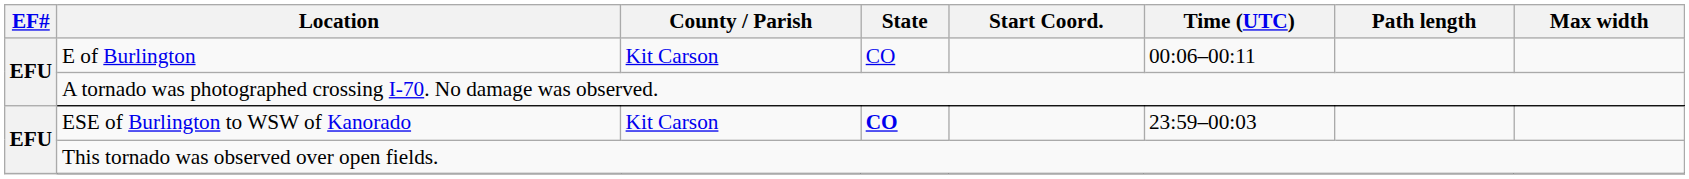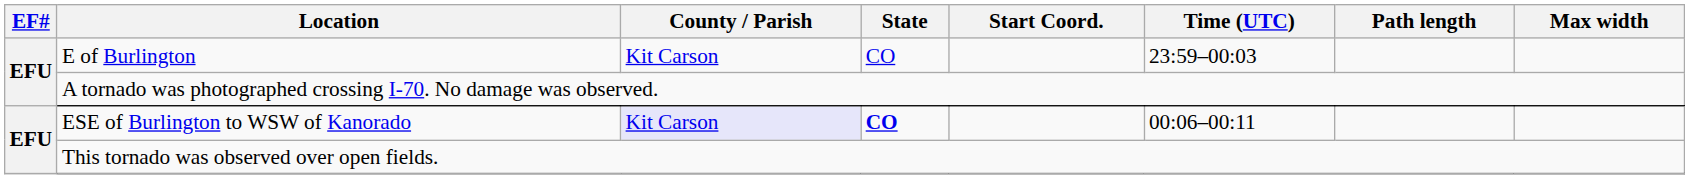 <table class="wikitable sortable" style="width:100%;">
 <tr>
 <th scope="col" width="2%" align="center"><a href='#'>EF#</a></th>
 <th scope="col" align="center" class="unsortable">Location</th>
 <th scope="col" align="center" class="unsortable">County / Parish</th>
 <th scope="col" align="center">State</th>
 <th scope="col" align="center">Start Coord.</th>
 <th scope="col" align="center">Time (<a href='#'>UTC</a>)</th>
 <th scope="col" align="center">Path length</th>
 <th scope="col" align="center">Max width</th>
 </tr>
 <tr>
 <th scope="row" rowspan="2" style="background-color:#">EFU</th>
 <td>E of <a href='#'>Burlington</a></td>
 <td><a href='#'>Kit Carson</a></td>
 <td><a href='#'>CO</a></td>
 <td></td>
-<td>00:06–00:11</td>
+<td>23:59–00:03</td>
 <td></td>
 <td></td>
 </tr>
 <tr class="expand-child">
 <td colspan="8" style=" border-bottom: 1px solid black;">A tornado was photographed crossing <a href='#'>I-70</a>. No damage was observed.</td>
 </tr>
 <tr>
 <th scope="row" rowspan="2" style="background-color:#">EFU</th>
 <td>ESE of <a href='#'>Burlington</a> to WSW of <a href='#'>Kanorado</a></td>
-<td><a href='#'>Kit Carson</a></td>
+<td style="background: lavender;"><a href='#'>Kit Carson</a></td>
 <td><strong><a href='#'>CO</a></strong></td>
 <td></td>
-<td>23:59–00:03</td>
+<td>00:06–00:11</td>
 <td></td>
 <td></td>
 </tr>
 <tr class="expand-child">
 <td colspan="8" style=" border-bottom: 1px solid black;">This tornado was observed over open fields.</td>
 </tr>
 <tr>
 </tr>
 </table>
